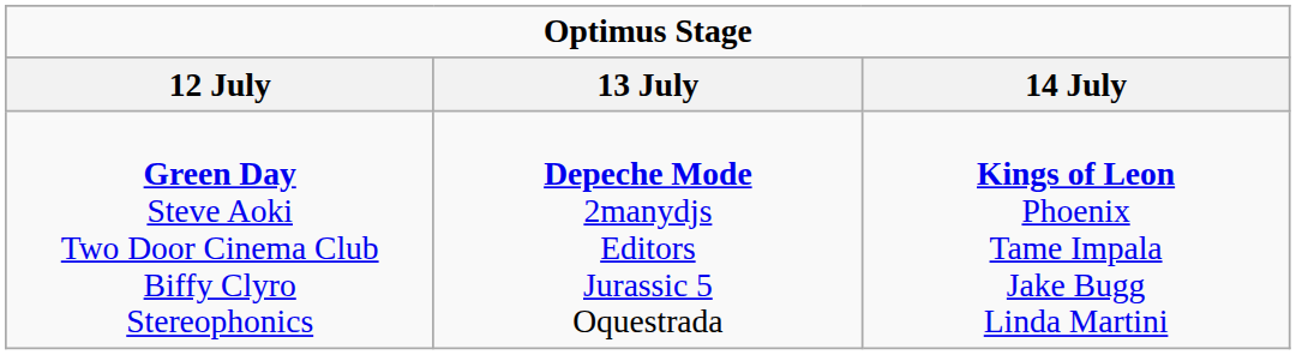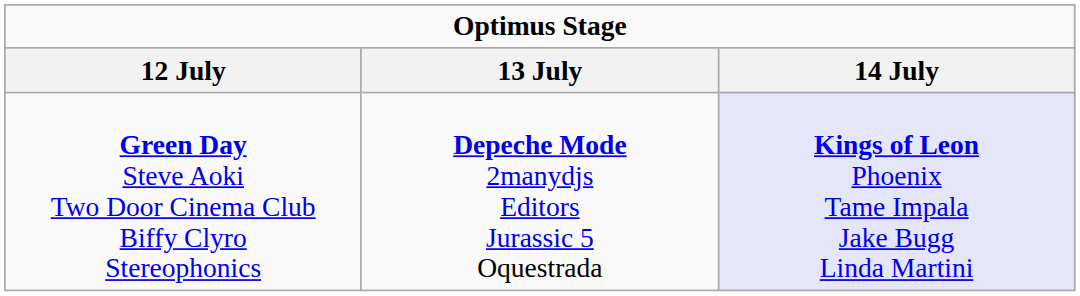 <table class="wikitable">
 <tr>
 <td colspan="3" align="center"><strong>Optimus Stage</strong></td>
 </tr>
 <tr>
 <th>12 July</th>
 <th>13 July</th>
 <th>14 July</th>
 </tr>
 <tr>
 <td valign="top" align="center" width="200"><br><strong><a href='#'>Green Day</a></strong><br><a href='#'>Steve Aoki</a><br><a href='#'>Two Door Cinema Club</a><br><a href='#'>Biffy Clyro</a><br><a href='#'>Stereophonics</a></td>
 <td valign="top" align="center" width="200"><br><strong><a href='#'>Depeche Mode</a></strong><br><a href='#'>2manydjs</a><br><a href='#'>Editors</a><br><a href='#'>Jurassic 5</a><br>Oquestrada</td>
-<td valign="top" align="center" width="200"><br><strong><a href='#'>Kings of Leon</a></strong><br><a href='#'>Phoenix</a><br><a href='#'>Tame Impala</a><br><a href='#'>Jake Bugg</a><br><a href='#'>Linda Martini</a></td>
+<td valign="top" align="center" width="200" style="background: lavender;"><br><strong><a href='#'>Kings of Leon</a></strong><br><a href='#'>Phoenix</a><br><a href='#'>Tame Impala</a><br><a href='#'>Jake Bugg</a><br><a href='#'>Linda Martini</a></td>
 </tr>
 </table>
